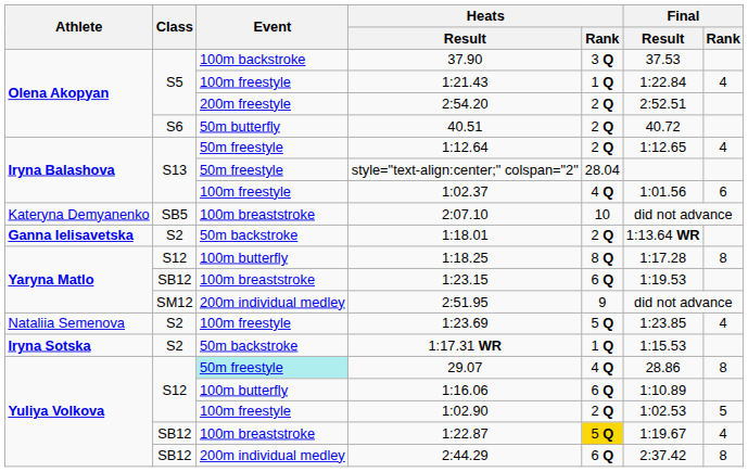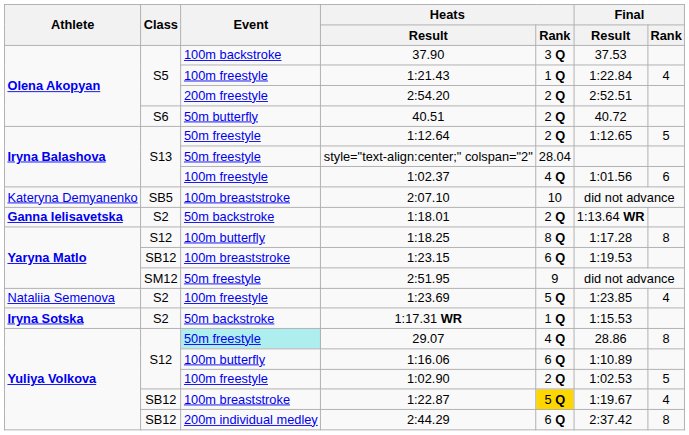 <table class=wikitable style="font-size:90%">
 <tr>
 <th rowspan="2">Athlete</th>
 <th rowspan="2">Class</th>
 <th rowspan="2">Event</th>
 <th colspan="2">Heats</th>
 <th colspan="2">Final</th>
 </tr>
 <tr>
 <th>Result</th>
 <th>Rank</th>
 <th>Result</th>
 <th>Rank</th>
 </tr>
 <tr>
 <td rowspan="4"><strong><a href='#'>Olena Akopyan</a></strong></td>
 <td rowspan="3" style="text-align:center;">S5</td>
 <td><a href='#'>100m backstroke</a></td>
 <td style="text-align:center;">37.90</td>
 <td style="text-align:center;">3 <strong>Q</strong></td>
 <td style="text-align:center;">37.53</td>
 <td style="text-align:center;"></td>
 </tr>
 <tr>
 <td><a href='#'>100m freestyle</a></td>
 <td style="text-align:center;">1:21.43</td>
 <td style="text-align:center;">1 <strong>Q</strong></td>
 <td style="text-align:center;">1:22.84</td>
 <td style="text-align:center;">4</td>
 </tr>
 <tr>
 <td><a href='#'>200m freestyle</a></td>
 <td style="text-align:center;">2:54.20</td>
 <td style="text-align:center;">2 <strong>Q</strong></td>
 <td style="text-align:center;">2:52.51</td>
 <td style="text-align:center;"></td>
 </tr>
 <tr>
 <td style="text-align:center;">S6</td>
 <td><a href='#'>50m butterfly</a></td>
 <td style="text-align:center;">40.51</td>
 <td style="text-align:center;">2 <strong>Q</strong></td>
 <td style="text-align:center;">40.72</td>
 <td style="text-align:center;"></td>
 </tr>
 <tr>
 <td rowspan="3"><strong><a href='#'>Iryna Balashova</a></strong></td>
 <td rowspan="3" style="text-align:center;">S13</td>
 <td><a href='#'>50m freestyle</a></td>
 <td style="text-align:center;">1:12.64</td>
 <td style="text-align:center;">2 <strong>Q</strong></td>
 <td style="text-align:center;">1:12.65</td>
-<td style="text-align:center;">4</td>
+<td style="text-align:center;">5</td>
 </tr>
 <tr>
 <td><a href='#'>50m freestyle</a></td>
 <td>style="text-align:center;" colspan="2" </td>
 <td style="text-align:center;">28.04</td>
 <td style="text-align:center;"></td>
 </tr>
 <tr>
 <td><a href='#'>100m freestyle</a></td>
 <td style="text-align:center;">1:02.37</td>
 <td style="text-align:center;">4 <strong>Q</strong></td>
 <td style="text-align:center;">1:01.56</td>
 <td style="text-align:center;">6</td>
 </tr>
 <tr>
 <td><a href='#'>Kateryna Demyanenko</a></td>
 <td style="text-align:center;">SB5</td>
 <td><a href='#'>100m breaststroke</a></td>
 <td style="text-align:center;">2:07.10</td>
 <td style="text-align:center;">10</td>
 <td style="text-align:center;" colspan="2">did not advance</td>
 </tr>
 <tr>
 <td><strong><a href='#'>Ganna Ielisavetska</a></strong></td>
 <td style="text-align:center;">S2</td>
 <td><a href='#'>50m backstroke</a></td>
 <td style="text-align:center;">1:18.01</td>
 <td style="text-align:center;">2 <strong>Q</strong></td>
 <td style="text-align:center;">1:13.64 <strong>WR</strong></td>
 <td style="text-align:center;"></td>
 </tr>
 <tr>
 <td rowspan="3"><strong><a href='#'>Yaryna Matlo</a></strong></td>
 <td style="text-align:center;">S12</td>
 <td><a href='#'>100m butterfly</a></td>
 <td style="text-align:center;">1:18.25</td>
 <td style="text-align:center;">8 <strong>Q</strong></td>
 <td style="text-align:center;">1:17.28</td>
 <td style="text-align:center;">8</td>
 </tr>
 <tr>
 <td style="text-align:center;">SB12</td>
 <td><a href='#'>100m breaststroke</a></td>
 <td style="text-align:center;">1:23.15</td>
 <td style="text-align:center;">6 <strong>Q</strong></td>
 <td style="text-align:center;">1:19.53</td>
 <td style="text-align:center;"></td>
 </tr>
 <tr>
 <td style="text-align:center;">SM12</td>
-<td><a href='#'>200m individual medley</a></td>
+<td><a href='#'>50m freestyle</a></td>
 <td style="text-align:center;">2:51.95</td>
 <td style="text-align:center;">9</td>
 <td style="text-align:center;" colspan="2">did not advance</td>
 </tr>
 <tr>
 <td><a href='#'>Nataliia Semenova</a></td>
 <td style="text-align:center;">S2</td>
 <td><a href='#'>100m freestyle</a></td>
 <td style="text-align:center;">1:23.69</td>
 <td style="text-align:center;">5 <strong>Q</strong></td>
 <td style="text-align:center;">1:23.85</td>
 <td style="text-align:center;">4</td>
 </tr>
 <tr>
 <td><strong><a href='#'>Iryna Sotska</a></strong></td>
 <td style="text-align:center;">S2</td>
 <td><a href='#'>50m backstroke</a></td>
 <td style="text-align:center;">1:17.31 <strong>WR</strong></td>
 <td style="text-align:center;">1 <strong>Q</strong></td>
 <td style="text-align:center;">1:15.53</td>
 <td style="text-align:center;"></td>
 </tr>
 <tr>
 <td rowspan="5"><strong><a href='#'>Yuliya Volkova</a></strong></td>
 <td rowspan="3" style="text-align:center;">S12</td>
 <td style="background: paleturquoise;"><a href='#'>50m freestyle</a></td>
 <td style="text-align:center;">29.07</td>
 <td style="text-align:center;">4 <strong>Q</strong></td>
 <td style="text-align:center;">28.86</td>
 <td style="text-align:center;">8</td>
 </tr>
 <tr>
 <td><a href='#'>100m butterfly</a></td>
 <td style="text-align:center;">1:16.06</td>
 <td style="text-align:center;">6 <strong>Q</strong></td>
 <td style="text-align:center;">1:10.89</td>
 <td style="text-align:center;"></td>
 </tr>
 <tr>
 <td><a href='#'>100m freestyle</a></td>
 <td style="text-align:center;">1:02.90</td>
 <td style="text-align:center;">2 <strong>Q</strong></td>
 <td style="text-align:center;">1:02.53</td>
 <td style="text-align:center;">5</td>
 </tr>
 <tr>
 <td style="text-align:center;">SB12</td>
 <td><a href='#'>100m breaststroke</a></td>
 <td style="text-align:center;">1:22.87</td>
 <td style="background: gold; text-align:center;">5 <strong>Q</strong></td>
 <td style="text-align:center;">1:19.67</td>
 <td style="text-align:center;">4</td>
 </tr>
 <tr>
 <td style="text-align:center;">SB12</td>
 <td><a href='#'>200m individual medley</a></td>
 <td style="text-align:center;">2:44.29</td>
 <td style="text-align:center;">6 <strong>Q</strong></td>
 <td style="text-align:center;">2:37.42</td>
 <td style="text-align:center;">8</td>
 </tr>
 </table>
